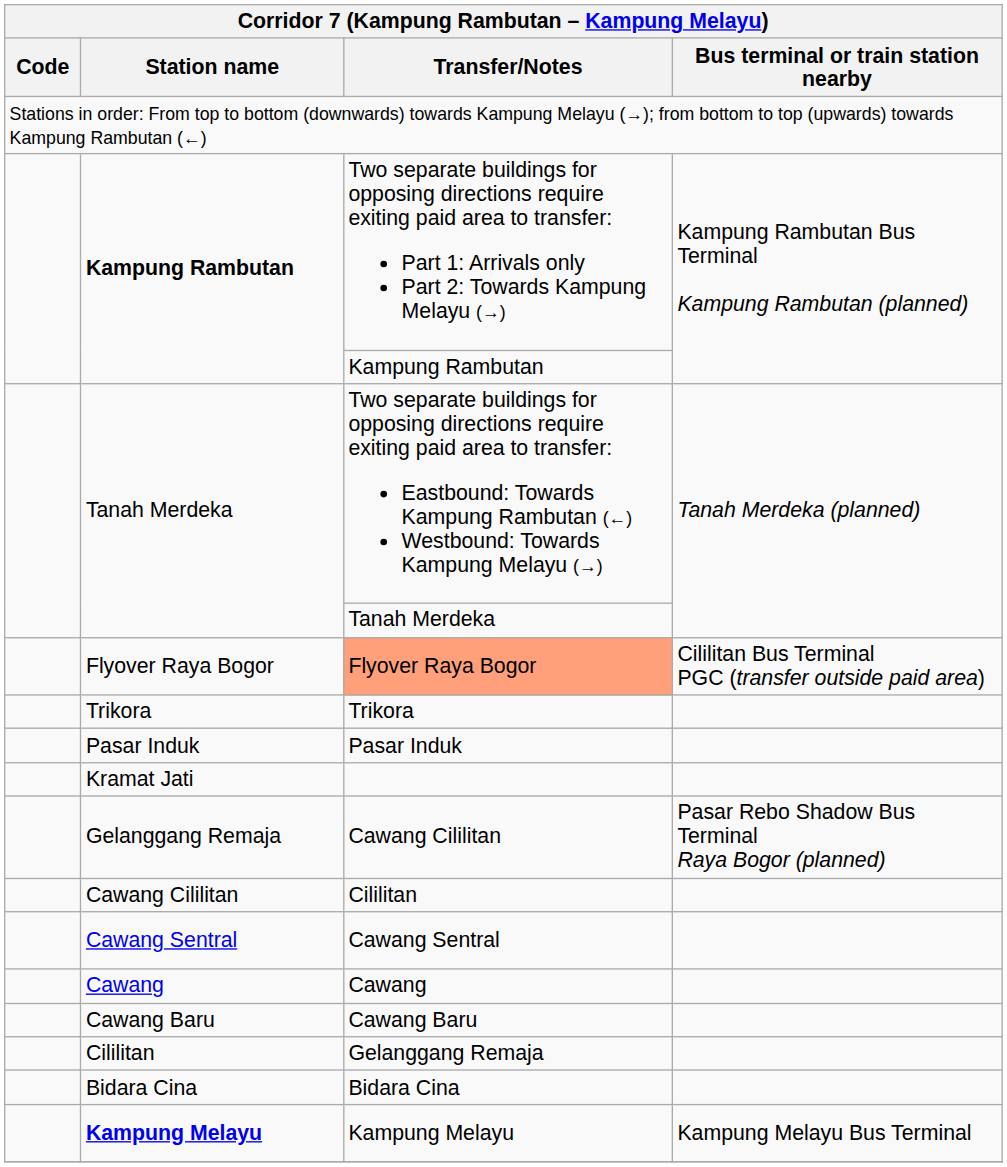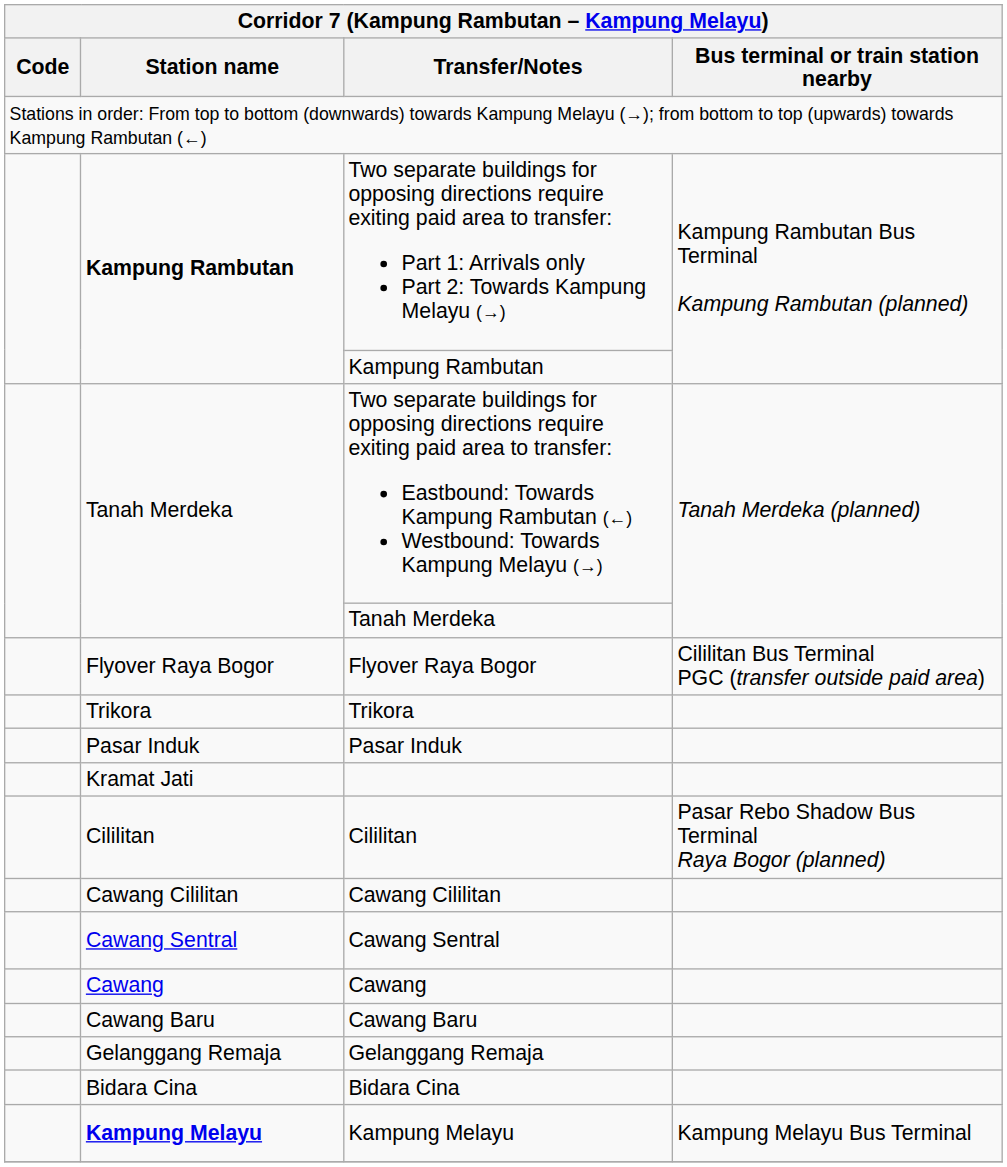 <table class="wikitable" style="font-size:100%">
 <tr>
 <th colspan="4" align="left"> Corridor 7 (Kampung Rambutan – <a href='#'>Kampung Melayu</a>)</th>
 </tr>
 <tr>
 <th width="50">Code</th>
 <th width="190">Station name</th>
 <th width="240">Transfer/Notes</th>
 <th width="240">Bus terminal or train station nearby</th>
 </tr>
 <tr>
 <td colspan="4"><small>Stations in order: From top to bottom (downwards) towards Kampung Melayu (→); from bottom to top (upwards) towards Kampung Rambutan (←)</small></td>
 </tr>
 <tr>
 <td rowspan="2" align="center"><strong></strong></td>
 <td rowspan="2"><strong>Kampung Rambutan</strong></td>
 <td>Two separate buildings for opposing directions require exiting paid area to transfer:<br><ul><li>Part 1: Arrivals only</li><li>Part 2: Towards Kampung Melayu <small>(→)</small></li></ul></td>
 <td rowspan="2"> Kampung Rambutan Bus Terminal<br> <br> <em>Kampung Rambutan (planned)</em></td>
 </tr>
 <tr>
 <td>  Kampung Rambutan</td>
 </tr>
 <tr>
 <td rowspan="2" align="center"><strong></strong></td>
 <td rowspan="2">Tanah Merdeka</td>
 <td>Two separate buildings for opposing directions require exiting paid area to transfer:<br><ul><li>Eastbound: Towards Kampung Rambutan <small>(←)</small></li><li>Westbound: Towards Kampung Melayu <small>(→)</small></li></ul></td>
 <td rowspan="2"> <em>Tanah Merdeka (planned)</em></td>
 </tr>
 <tr>
 <td>  Tanah Merdeka</td>
 </tr>
 <tr>
 <td align="center"><strong></strong></td>
 <td>Flyover Raya Bogor</td>
-<td style="background: lightsalmon;">  Flyover Raya Bogor</td>
+<td>  Flyover Raya Bogor</td>
 <td> Cililitan Bus Terminal<br> PGC (<em>transfer outside paid area</em>)</td>
 </tr>
 <tr>
 <td align="center"><strong></strong></td>
 <td>Trikora</td>
 <td>  Trikora</td>
 <td></td>
 </tr>
 <tr>
 <td align="center"><strong></strong></td>
 <td>Pasar Induk</td>
 <td>  Pasar Induk</td>
 <td></td>
 </tr>
 <tr>
 <td align="center"><strong></strong></td>
 <td>Kramat Jati</td>
 <td></td>
 <td></td>
 </tr>
 <tr>
 <td align="center"><strong></strong></td>
-<td>Gelanggang Remaja</td>
-<td>   Cawang Cililitan</td>
+<td>Cililitan</td>
+<td>  Cililitan</td>
 <td> Pasar Rebo Shadow Bus Terminal<br> <em>Raya Bogor (planned)</em></td>
 </tr>
 <tr>
 <td align="center"><strong></strong><br><strong></strong></td>
 <td>Cawang Cililitan</td>
-<td>  Cililitan</td>
+<td>   Cawang Cililitan</td>
 <td></td>
 </tr>
 <tr>
 <td align="center"><strong></strong><br><strong></strong><br><strong></strong></td>
 <td><a href='#'>Cawang Sentral</a></td>
 <td>     Cawang Sentral</td>
 <td></td>
 </tr>
 <tr>
 <td align="center"><strong></strong><br><strong></strong></td>
 <td><a href='#'>Cawang</a></td>
 <td>    Cawang</td>
 <td>  </td>
 </tr>
 <tr>
 <td align="center"><strong></strong></td>
 <td>Cawang Baru</td>
 <td> Cawang Baru</td>
 <td></td>
 </tr>
 <tr>
 <td align="center"><strong></strong></td>
-<td>Cililitan</td>
+<td>Gelanggang Remaja</td>
 <td> Gelanggang Remaja</td>
 <td></td>
 </tr>
 <tr>
 <td align="center"><strong></strong></td>
 <td>Bidara Cina</td>
 <td> Bidara Cina</td>
 <td></td>
 </tr>
 <tr>
 <td align="center"><strong></strong><br><strong></strong><br><strong></strong></td>
 <td><strong><a href='#'>Kampung Melayu</a></strong></td>
 <td>   Kampung Melayu</td>
 <td> Kampung Melayu Bus Terminal</td>
 </tr>
 <tr>
 </tr>
 </table>
